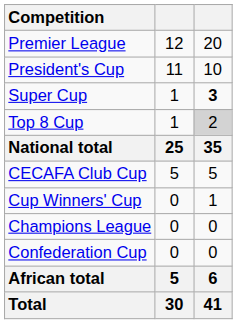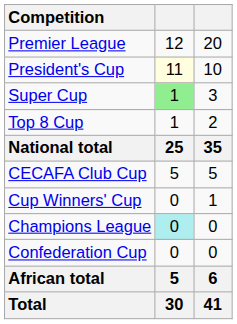 <table class="wikitable" style="text-align: center;">
 <tr>
 <th style="text-align: left;">Competition</th>
 <th width="30"></th>
 <th width="30"></th>
 </tr>
 <tr>
 <td style="text-align: left;"><a href='#'>Premier League</a></td>
 <td>12</td>
 <td>20</td>
 </tr>
 <tr>
 <td style="text-align: left;"><a href='#'>President's Cup</a></td>
-<td>11</td>
+<td style="background: lightyellow;">11</td>
 <td>10</td>
 </tr>
 <tr>
 <td style="text-align: left;"><a href='#'>Super Cup</a></td>
-<td>1</td>
-<td><strong>3</strong></td>
+<td style="background: lightgreen;">1</td>
+<td>3</td>
 </tr>
 <tr>
 <td style="text-align: left;"><a href='#'>Top 8 Cup</a></td>
 <td>1</td>
-<td style="background: lightgrey;">2</td>
+<td>2</td>
 </tr>
 <tr>
 <th style="text-align: left;">National total</th>
 <th>25</th>
 <th>35</th>
 </tr>
 <tr>
 <td style="text-align: left;"><a href='#'>CECAFA Club Cup</a></td>
 <td>5</td>
 <td>5</td>
 </tr>
 <tr>
 <td style="text-align: left;"><a href='#'>Cup Winners' Cup</a></td>
 <td>0</td>
 <td>1</td>
 </tr>
 <tr>
 <td style="text-align: left;"><a href='#'>Champions League</a></td>
-<td>0</td>
+<td style="background: paleturquoise;">0</td>
 <td>0</td>
 </tr>
 <tr>
 <td style="text-align: left;"><a href='#'>Confederation Cup</a></td>
 <td>0</td>
 <td>0</td>
 </tr>
 <tr>
 <th style="text-align: left;">African total</th>
 <th>5</th>
 <th>6</th>
 </tr>
 <tr>
 <th style="text-align: left;">Total</th>
 <th>30</th>
 <th>41</th>
 </tr>
 </table>
